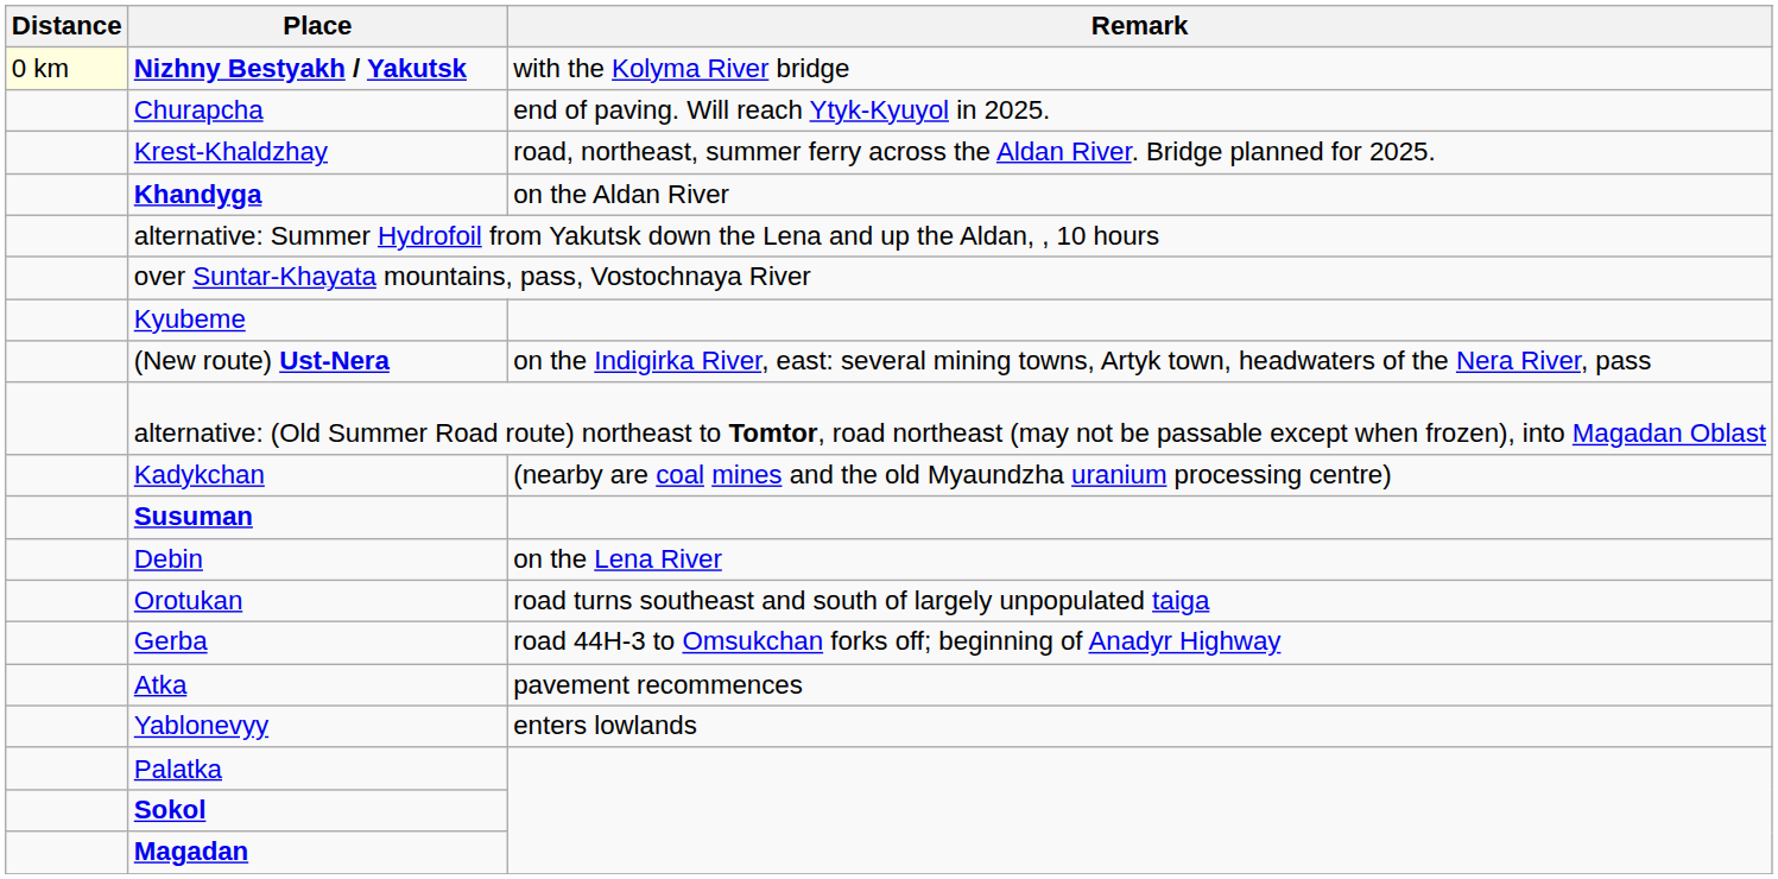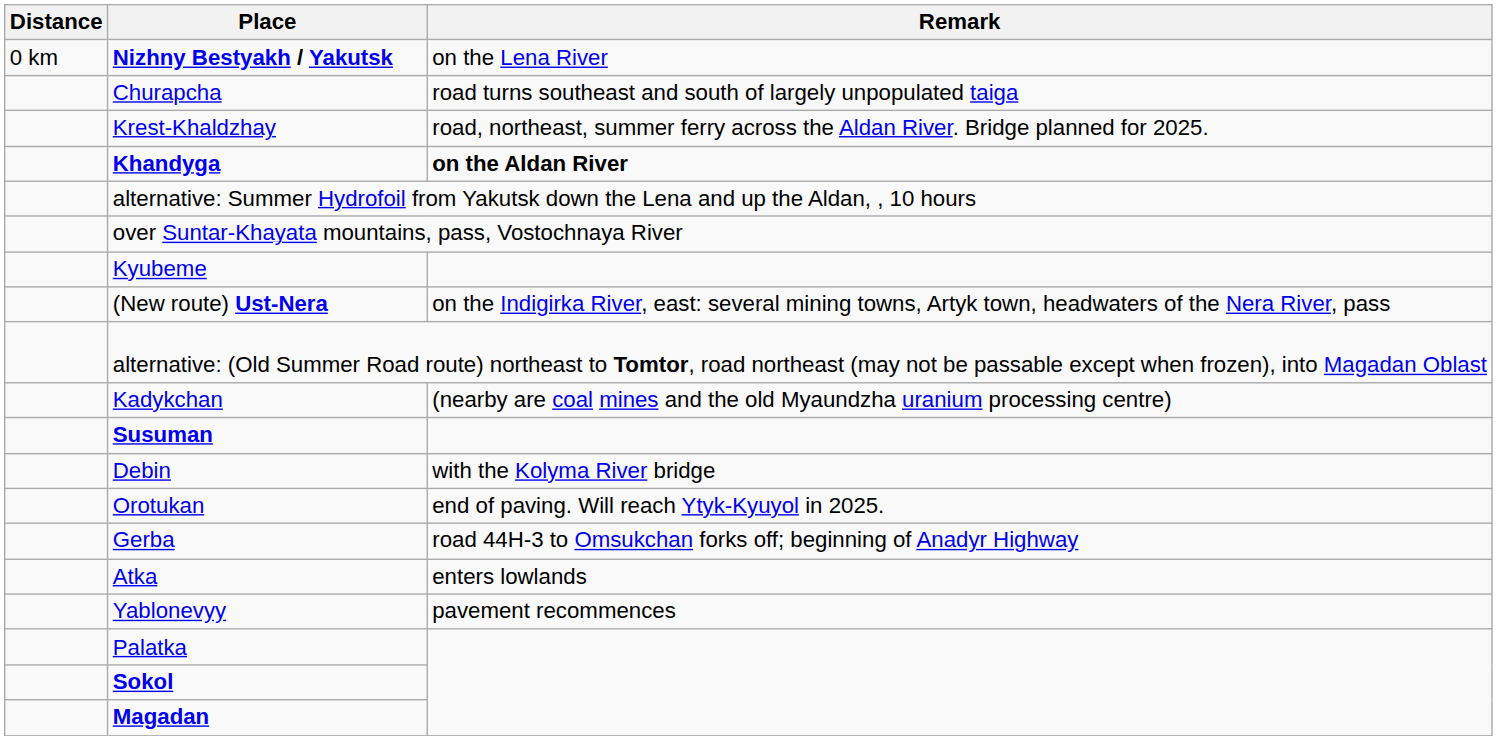 <table class=wikitable>
 <tr>
 <th>Distance</th>
 <th>Place</th>
 <th>Remark</th>
 </tr>
 <tr>
-<td style="background: lightyellow;">0 km</td>
+<td>0 km</td>
 <td><strong><a href='#'>Nizhny Bestyakh</a> / <a href='#'>Yakutsk</a></strong></td>
-<td>with the <a href='#'>Kolyma River</a> bridge</td>
+<td>on the <a href='#'>Lena River</a></td>
 </tr>
 <tr>
 <td></td>
 <td><a href='#'>Churapcha</a></td>
-<td>end of paving. Will reach <a href='#'>Ytyk-Kyuyol</a> in 2025.</td>
+<td>road turns southeast and south  of largely unpopulated <a href='#'>taiga</a></td>
 </tr>
 <tr>
 <td></td>
 <td><a href='#'>Krest-Khaldzhay</a></td>
 <td colspan=9>road, northeast, summer ferry across the <a href='#'>Aldan River</a>. Bridge planned for 2025.</td>
 </tr>
 <tr>
 <td></td>
 <td><strong><a href='#'>Khandyga</a></strong></td>
-<td>on the Aldan River</td>
+<td><strong>on the Aldan River</strong></td>
 </tr>
 <tr>
 <td></td>
 <td colspan=9>alternative: Summer <a href='#'>Hydrofoil</a> from Yakutsk down the Lena and up the Aldan, , 10 hours</td>
 </tr>
 <tr>
 <td></td>
 <td colspan=9>over <a href='#'>Suntar-Khayata</a> mountains,  pass, Vostochnaya River</td>
 </tr>
 <tr>
 <td></td>
 <td><a href='#'>Kyubeme</a></td>
 <td></td>
 </tr>
 <tr>
 <td></td>
 <td>(New route) <strong><a href='#'>Ust-Nera</a></strong></td>
 <td>on the <a href='#'>Indigirka River</a>, east: several mining towns, Artyk town, headwaters of the <a href='#'>Nera River</a>,  pass</td>
 </tr>
 <tr>
 <td></td>
 <td colspan=9><br>alternative:  (Old Summer Road route)  northeast to <strong>Tomtor</strong>,  road northeast (may not be passable except when frozen), into <a href='#'>Magadan Oblast</a></td>
 </tr>
 <tr>
 <td></td>
 <td><a href='#'>Kadykchan</a></td>
 <td>(nearby are <a href='#'>coal</a> <a href='#'>mines</a> and the old Myaundzha <a href='#'>uranium</a> processing centre)</td>
 </tr>
 <tr>
 <td></td>
 <td><strong><a href='#'>Susuman</a></strong></td>
 </tr>
 <tr>
 <td></td>
 <td><a href='#'>Debin</a></td>
-<td>on the <a href='#'>Lena River</a></td>
+<td>with the <a href='#'>Kolyma River</a> bridge</td>
 </tr>
 <tr>
 <td></td>
 <td><a href='#'>Orotukan</a></td>
-<td>road turns southeast and south  of largely unpopulated <a href='#'>taiga</a></td>
+<td>end of paving. Will reach <a href='#'>Ytyk-Kyuyol</a> in 2025.</td>
 </tr>
 <tr>
 <td></td>
 <td><a href='#'>Gerba</a></td>
 <td>road 44H-3 to <a href='#'>Omsukchan</a> forks off; beginning of <a href='#'>Anadyr Highway</a></td>
 </tr>
 <tr>
 <td></td>
 <td><a href='#'>Atka</a></td>
-<td>pavement recommences </td>
+<td>enters lowlands</td>
 </tr>
 <tr>
 <td></td>
 <td><a href='#'>Yablonevyy</a></td>
-<td>enters lowlands</td>
+<td>pavement recommences </td>
 </tr>
 <tr>
 <td></td>
 <td><a href='#'>Palatka</a></td>
 </tr>
 <tr>
 <td></td>
 <td><strong><a href='#'>Sokol</a></strong></td>
 </tr>
 <tr>
 <td></td>
 <td><strong><a href='#'>Magadan</a></strong></td>
 </tr>
 </table>
